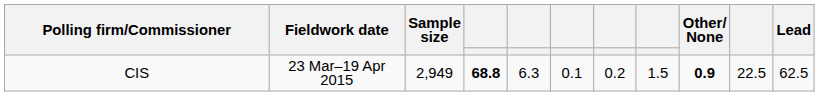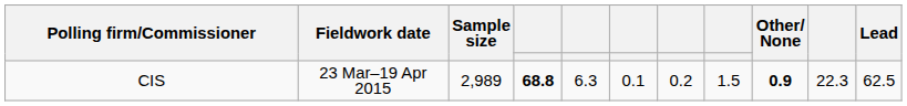 <table class="wikitable collapsible collapsed" style="text-align:center; font-size:90%; line-height:14px;">
 <tr style="height:42px;">
 <th style="width:250px;" rowspan="2">Polling firm/Commissioner</th>
 <th style="width:125px;" rowspan="2">Fieldwork date</th>
 <th style="width:50px;" rowspan="2">Sample size</th>
 <th style="width:35px;"></th>
 <th style="width:35px;"></th>
 <th style="width:35px;"></th>
 <th style="width:35px;"></th>
 <th style="width:35px;"></th>
 <th style="width:35px;" rowspan="2">Other/<br>None</th>
 <th style="width:35px;" rowspan="2"></th>
 <th style="width:30px;" rowspan="2">Lead</th>
 </tr>
 <tr>
 <th style="color:inherit;background:"></th>
 <th style="color:inherit;background:"></th>
 <th style="color:inherit;background:"></th>
 <th style="color:inherit;background:"></th>
 <th style="color:inherit;background:"></th>
 </tr>
 <tr>
 <td>CIS</td>
 <td>23 Mar–19 Apr 2015</td>
-<td>2,949</td>
+<td>2,989</td>
 <td><strong>68.8</strong></td>
 <td>6.3</td>
 <td>0.1</td>
 <td>0.2</td>
 <td>1.5</td>
 <td><strong>0.9</strong></td>
-<td>22.5</td>
+<td>22.3</td>
 <td style="background:">62.5</td>
 </tr>
 </table>
